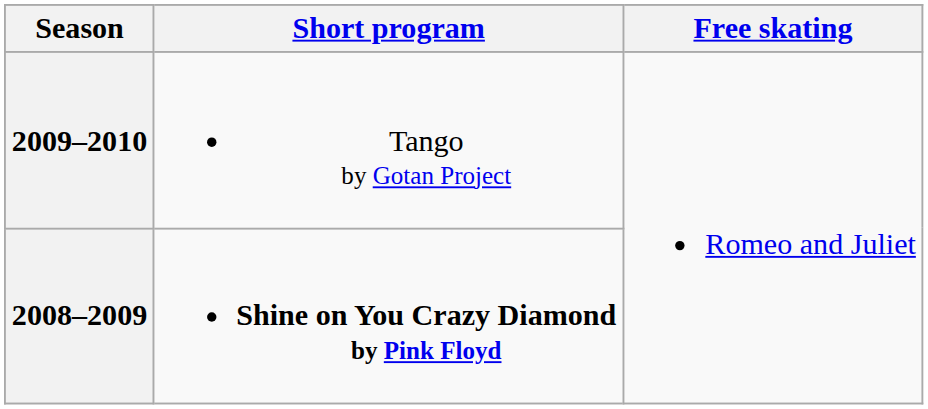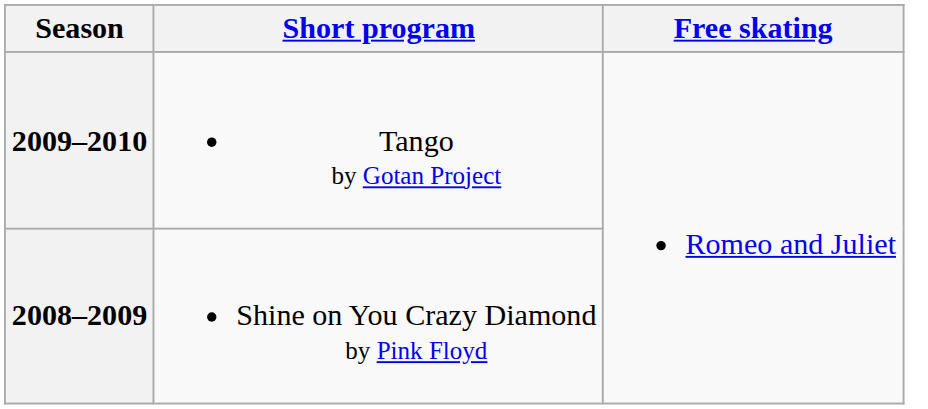 <table class="wikitable" style="text-align:center">
 <tr>
 <th>Season</th>
 <th><a href='#'>Short program</a></th>
 <th><a href='#'>Free skating</a></th>
 </tr>
 <tr>
 <th>2009–2010 <br> </th>
 <td><br><ul><li>Tango <br><small> by <a href='#'>Gotan Project</a> </small></li></ul></td>
 <td rowspan=2><br><ul><li><a href='#'>Romeo and Juliet</a></li></ul></td>
 </tr>
 <tr>
 <th>2008–2009 <br> </th>
-<td><strong><br><ul><li>Shine on You Crazy Diamond <br><small> by <a href='#'>Pink Floyd</a> </small></li></ul></strong></td>
+<td><br><ul><li>Shine on You Crazy Diamond <br><small> by <a href='#'>Pink Floyd</a> </small></li></ul></td>
 </tr>
 </table>
